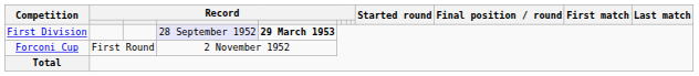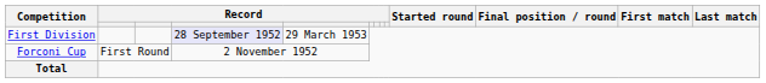 <table class="wikitable" style="text-align: center">
 <tr>
 <th rowspan=2>Competition</th>
 <th colspan=8>Record</th>
 <th rowspan=2>Started round</th>
 <th rowspan=2>Final position / round</th>
 <th rowspan=2>First match</th>
 <th rowspan=2>Last match</th>
 </tr>
 <tr>
 <th></th>
 <th></th>
 <th></th>
 <th></th>
 <th></th>
 <th></th>
 <th></th>
 <th></th>
 </tr>
 <tr>
 <td><a href='#'>First Division</a><br></td>
 <td></td>
 <td></td>
 <td style="background: lavender;">28 September 1952</td>
-<td><strong>29 March 1953</strong></td>
+<td>29 March 1953</td>
 </tr>
 <tr>
 <td><a href='#'>Forconi Cup</a><br></td>
 <td colspan=2>First Round</td>
 <td colspan=2>2 November 1952</td>
 </tr>
 <tr>
 <th>Total<br></th>
 </tr>
 </table>
